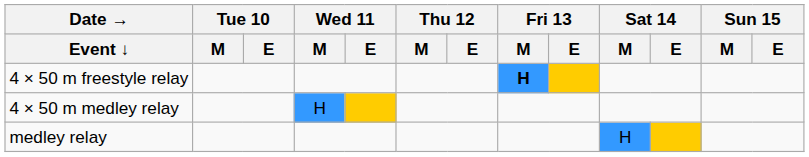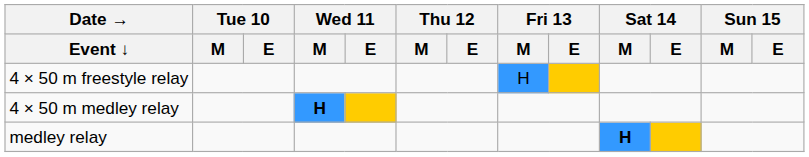 <table class="wikitable" style="margin:0.5em auto; font-size:95%; line-height:1.25em;">
 <tr style="text-align:center;">
 <th>Date →</th>
 <th colspan="2">Tue 10</th>
 <th colspan="2">Wed 11</th>
 <th colspan="2">Thu 12</th>
 <th colspan="2">Fri 13</th>
 <th colspan="2">Sat 14</th>
 <th colspan="2">Sun 15</th>
 </tr>
 <tr>
 <th>Event   ↓</th>
 <th style="width:2.5em;">M</th>
 <th style="width:2.5em;">E</th>
 <th style="width:2.5em;">M</th>
 <th style="width:2.5em;">E</th>
 <th style="width:2.5em;">M</th>
 <th style="width:2.5em;">E</th>
 <th style="width:2.5em;">M</th>
 <th style="width:2.5em;">E</th>
 <th style="width:2.5em;">M</th>
 <th style="width:2.5em;">E</th>
 <th style="width:2.5em;">M</th>
 <th style="width:2.5em;">E</th>
 </tr>
 <tr style="text-align:center;">
 <td style="text-align:left;">4 × 50 m freestyle relay</td>
 <td colspan="2"></td>
 <td colspan="2"></td>
 <td colspan="2"></td>
-<td style="background-color:#3399ff;"><strong>H</strong></td>
+<td style="background-color:#3399ff;">H</td>
 <td style="background-color:#ffcc00;"></td>
 <td colspan="2"></td>
 <td colspan="2"></td>
 </tr>
 <tr style="text-align:center;">
 <td style="text-align:left;">4 × 50 m medley relay</td>
 <td colspan="2"></td>
-<td style="background-color:#3399ff;">H</td>
+<td style="background-color:#3399ff;"><strong>H</strong></td>
 <td style="background-color:#ffcc00;"></td>
 <td colspan="2"></td>
 <td colspan="2"></td>
 <td colspan="2"></td>
 <td colspan="2"></td>
 </tr>
 <tr style="text-align:center;">
 <td style="text-align:left;"> medley relay</td>
 <td colspan="2"></td>
 <td colspan="2"></td>
 <td colspan="2"></td>
 <td colspan="2"></td>
-<td style="background-color:#3399ff;">H</td>
+<td style="background-color:#3399ff;"><strong>H</strong></td>
 <td style="background-color:#ffcc00;"></td>
 <td colspan="2"></td>
 </tr>
 </table>
